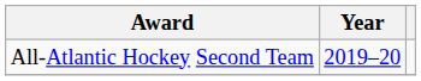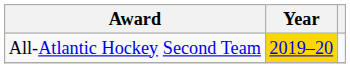 <table class="wikitable">
 <tr>
 <th>Award</th>
 <th>Year</th>
 <th></th>
 </tr>
 <tr>
 <td>All-<a href='#'>Atlantic Hockey</a> <a href='#'>Second Team</a></td>
-<td><a href='#'>2019–20</a></td>
+<td style="background: gold;"><a href='#'>2019–20</a></td>
 <td></td>
 </tr>
 <tr>
 </tr>
 </table>
